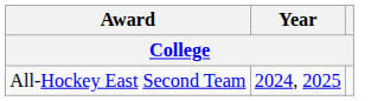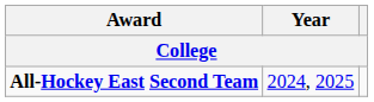 <table class="wikitable">
 <tr>
 <th>Award</th>
 <th>Year</th>
 <th></th>
 </tr>
 <tr>
 <th colspan="3"><a href='#'>College</a></th>
 </tr>
 <tr>
-<td>All-<a href='#'>Hockey East</a> <a href='#'>Second Team</a></td>
+<td><strong>All-<a href='#'>Hockey East</a> <a href='#'>Second Team</a></strong></td>
 <td><a href='#'>2024</a>, <a href='#'>2025</a></td>
 <td></td>
 </tr>
 </table>
